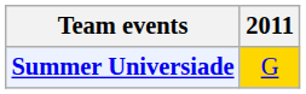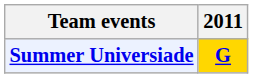 <table class="wikitable" style="font-size: 90%; text-align:center">
 <tr>
 <th>Team events</th>
 <th>2011</th>
 </tr>
 <tr>
 <td bgcolor="#ECF2FF"; align="left"><strong><a href='#'>Summer Universiade</a></strong></td>
-<td bgcolor=gold><a href='#'>G</a></td>
+<td bgcolor=gold><strong><a href='#'>G</a></strong></td>
 </tr>
 </table>
